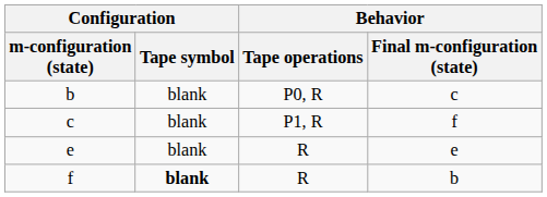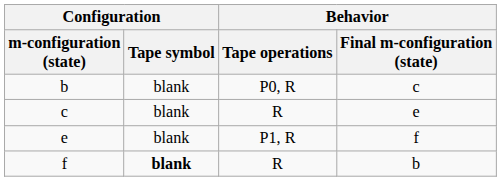 <table class="wikitable" style="text-align: center">
 <tr>
 <th colspan="2">Configuration</th>
 <th colspan="2">Behavior</th>
 </tr>
 <tr>
 <th>m-configuration<br>(state)</th>
 <th>Tape symbol</th>
 <th>Tape operations</th>
 <th>Final m-configuration<br>(state)</th>
 </tr>
 <tr>
 <td>b</td>
 <td> blank</td>
 <td>P0, R</td>
 <td>c</td>
 </tr>
 <tr>
 <td>c</td>
 <td> blank</td>
-<td>P1, R</td>
-<td>f</td>
+<td>R</td>
+<td>e</td>
 </tr>
 <tr>
 <td>e</td>
 <td> blank</td>
-<td>R</td>
-<td>e</td>
+<td>P1, R</td>
+<td>f</td>
 </tr>
 <tr>
 <td>f</td>
 <td><strong> blank</strong></td>
 <td>R</td>
 <td>b</td>
 </tr>
 </table>
